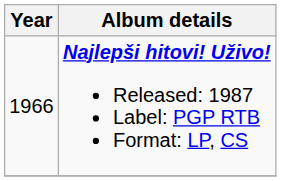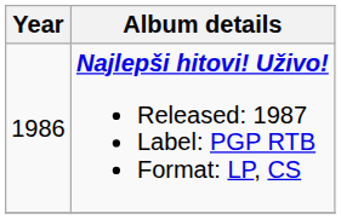 <table class ="wikitable">
 <tr>
 <th>Year</th>
 <th>Album details</th>
 </tr>
 <tr>
-<td align="center" rowspan="1">1966</td>
+<td align="center" rowspan="1">1986</td>
 <td><strong><em><a href='#'>Najlepši hitovi! Uživo!</a></em></strong><br><ul><li>Released: 1987</li><li>Label: <a href='#'>PGP RTB</a></li><li>Format: <a href='#'>LP</a>, <a href='#'>CS</a></li></ul></td>
 </tr>
 <tr>
 </tr>
 </table>
